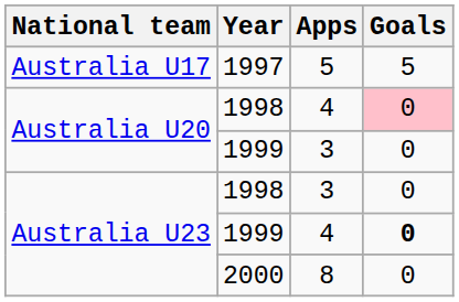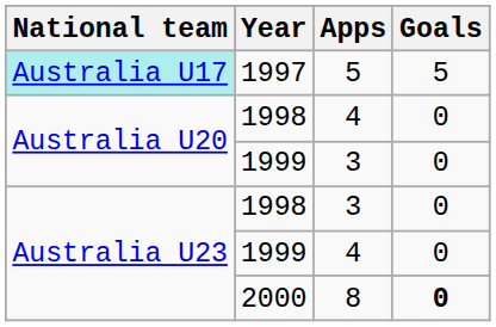 <table class="wikitable" style="text-align:center">
 <tr>
 <th>National team</th>
 <th>Year</th>
 <th>Apps</th>
 <th>Goals</th>
 </tr>
 <tr>
-<td><a href='#'>Australia U17</a></td>
+<td style="background: paleturquoise;"><a href='#'>Australia U17</a></td>
 <td>1997</td>
 <td>5</td>
 <td>5</td>
 </tr>
 <tr>
 <td rowspan="2"><a href='#'>Australia U20</a></td>
 <td>1998</td>
 <td>4</td>
-<td style="background: pink;">0</td>
+<td>0</td>
 </tr>
 <tr>
 <td>1999</td>
 <td>3</td>
 <td>0</td>
 </tr>
 <tr>
 <td rowspan="3"><a href='#'>Australia U23</a></td>
 <td>1998</td>
 <td>3</td>
 <td>0</td>
 </tr>
 <tr>
 <td>1999</td>
 <td>4</td>
-<td><strong>0</strong></td>
+<td>0</td>
 </tr>
 <tr>
 <td>2000</td>
 <td>8</td>
-<td>0</td>
+<td><strong>0</strong></td>
 </tr>
 </table>
